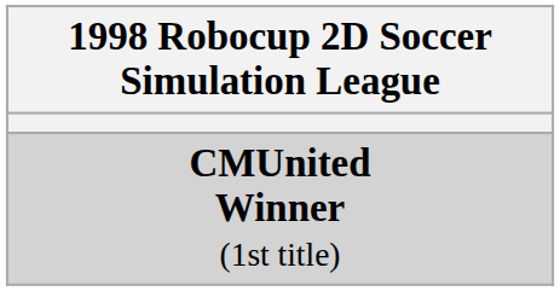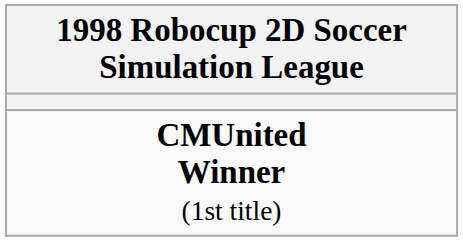 <table class="wikitable" style="margin: 0 auto; width: 220px;">
 <tr>
 <th>1998 Robocup 2D Soccer Simulation League</th>
 </tr>
 <tr>
 <th></th>
 </tr>
 <tr>
-<td align="center" style="background: lightgrey;"><strong>CMUnited</strong><br><strong>Winner</strong><br><small>(1st title)</small></td>
+<td align="center"><strong>CMUnited</strong><br><strong>Winner</strong><br><small>(1st title)</small></td>
 </tr>
 </table>
